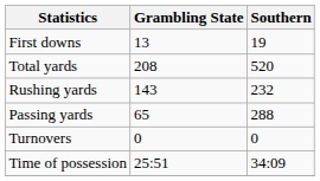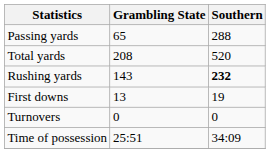 <table class="wikitable">
 <tr>
 <th>Statistics</th>
 <th>Grambling State</th>
 <th>Southern</th>
 </tr>
 <tr>
-<td>First downs</td>
-<td>13</td>
-<td>19</td>
+<td>Passing yards</td>
+<td>65</td>
+<td>288</td>
 </tr>
 <tr>
 <td>Total yards</td>
 <td>208</td>
 <td>520</td>
 </tr>
 <tr>
 <td>Rushing yards</td>
 <td>143</td>
-<td>232</td>
+<td><strong>232</strong></td>
 </tr>
 <tr>
-<td>Passing yards</td>
-<td>65</td>
-<td>288</td>
+<td>First downs</td>
+<td>13</td>
+<td>19</td>
 </tr>
 <tr>
 <td>Turnovers</td>
 <td>0</td>
 <td>0</td>
 </tr>
 <tr>
 <td>Time of possession</td>
 <td>25:51</td>
 <td>34:09</td>
 </tr>
 <tr>
 </tr>
 </table>
